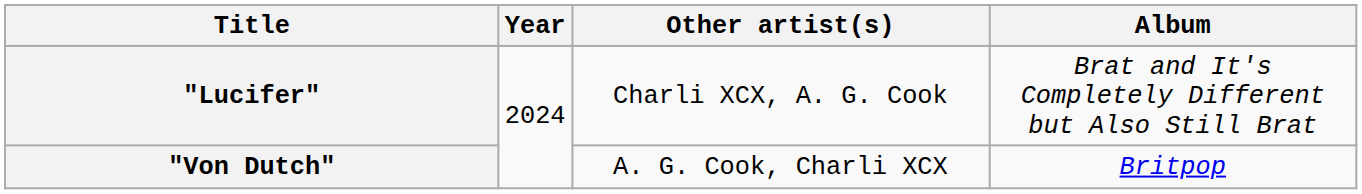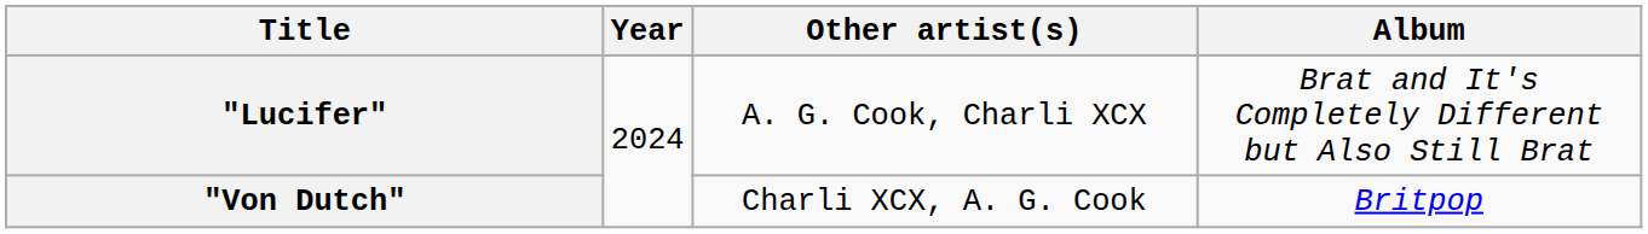 <table class="wikitable plainrowheaders" style="text-align:center;">
 <tr>
 <th scope="col" style="width:19em;">Title</th>
 <th scope="col" style="width:1em;">Year</th>
 <th scope="col" style="width:16em;">Other artist(s)</th>
 <th scope="col" style="width:14em;">Album</th>
 </tr>
 <tr>
 <th scope="row">"Lucifer"</th>
 <td rowspan="2">2024</td>
-<td>Charli XCX, A. G. Cook</td>
+<td>A. G. Cook, Charli XCX</td>
 <td><em>Brat and It's Completely Different but Also Still Brat</em></td>
 </tr>
 <tr>
 <th scope="row">"Von Dutch"</th>
-<td>A. G. Cook, Charli XCX</td>
+<td>Charli XCX, A. G. Cook</td>
 <td><em><a href='#'>Britpop</a></em></td>
 </tr>
 </table>
